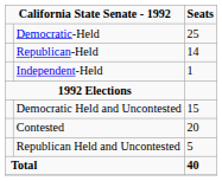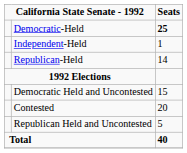 <table class="wikitable">
 <tr>
 <td colspan="2" rowspan="1" align="center" valign="top"><strong>California State Senate - 1992</strong></td>
 <td style="vertical-align:top;"><strong>Seats</strong><br></td>
 </tr>
 <tr>
 <td style="background-color:"> </td>
 <td><a href='#'>Democratic</a>-Held</td>
-<td>25</td>
+<td><strong>25</strong></td>
+</tr>
+<tr>
+<td style="background-color:"> </td>
+<td><a href='#'>Independent</a>-Held</td>
+<td>1</td>
 </tr>
 <tr>
 <td style="background-color:"> </td>
 <td><a href='#'>Republican</a>-Held</td>
 <td>14</td>
-</tr>
-<tr>
-<td style="background-color:"> </td>
-<td><a href='#'>Independent</a>-Held</td>
-<td>1</td>
 </tr>
 <tr>
 <td colspan="2" rowspan="1" align="center"><strong>1992 Elections</strong></td>
 </tr>
 <tr>
 <td style="background-color:"> </td>
 <td>Democratic Held and Uncontested</td>
 <td>15</td>
 </tr>
 <tr>
 <td style="background-color:"> </td>
 <td>Contested</td>
 <td>20</td>
 </tr>
 <tr>
 <td style="background-color:"> </td>
 <td>Republican Held and Uncontested</td>
 <td>5</td>
 </tr>
 <tr>
 <td colspan="2" rowspan="1"> <strong>Total</strong><br></td>
 <td><strong>40</strong></td>
 </tr>
 <tr>
 </tr>
 </table>
